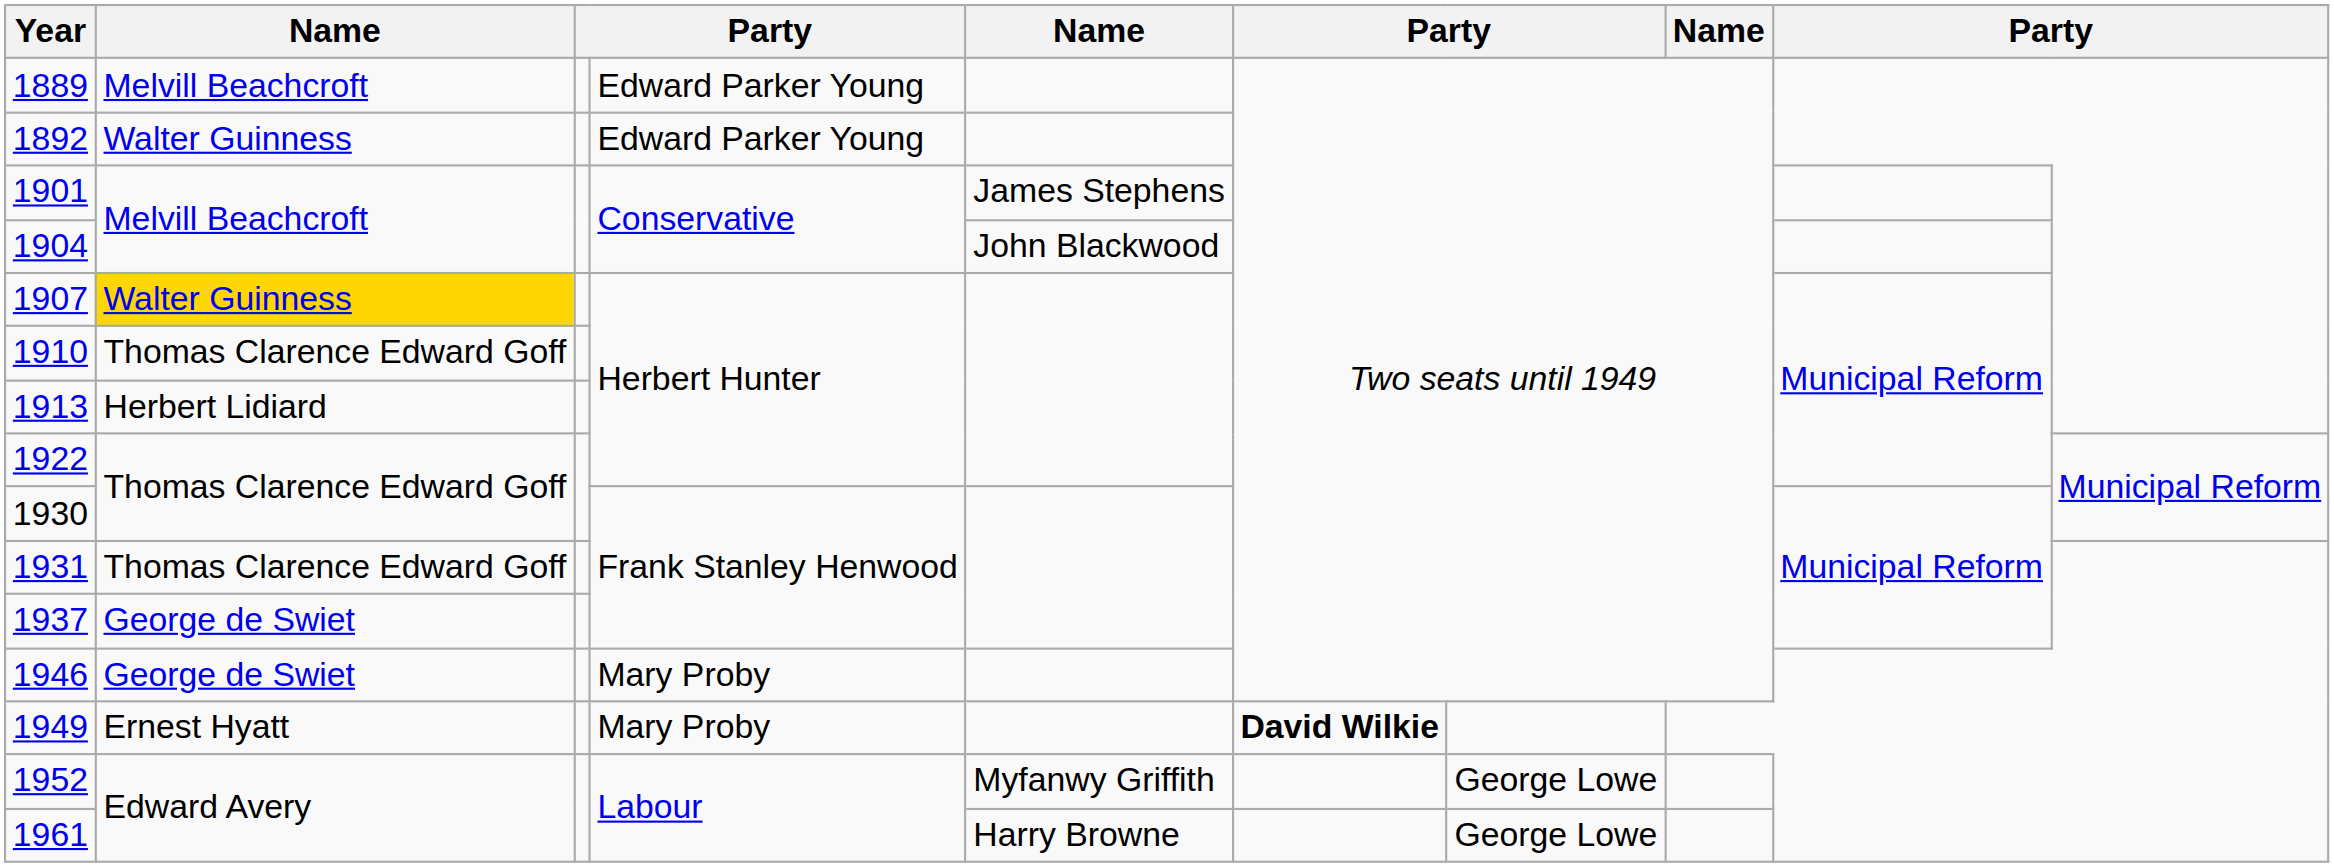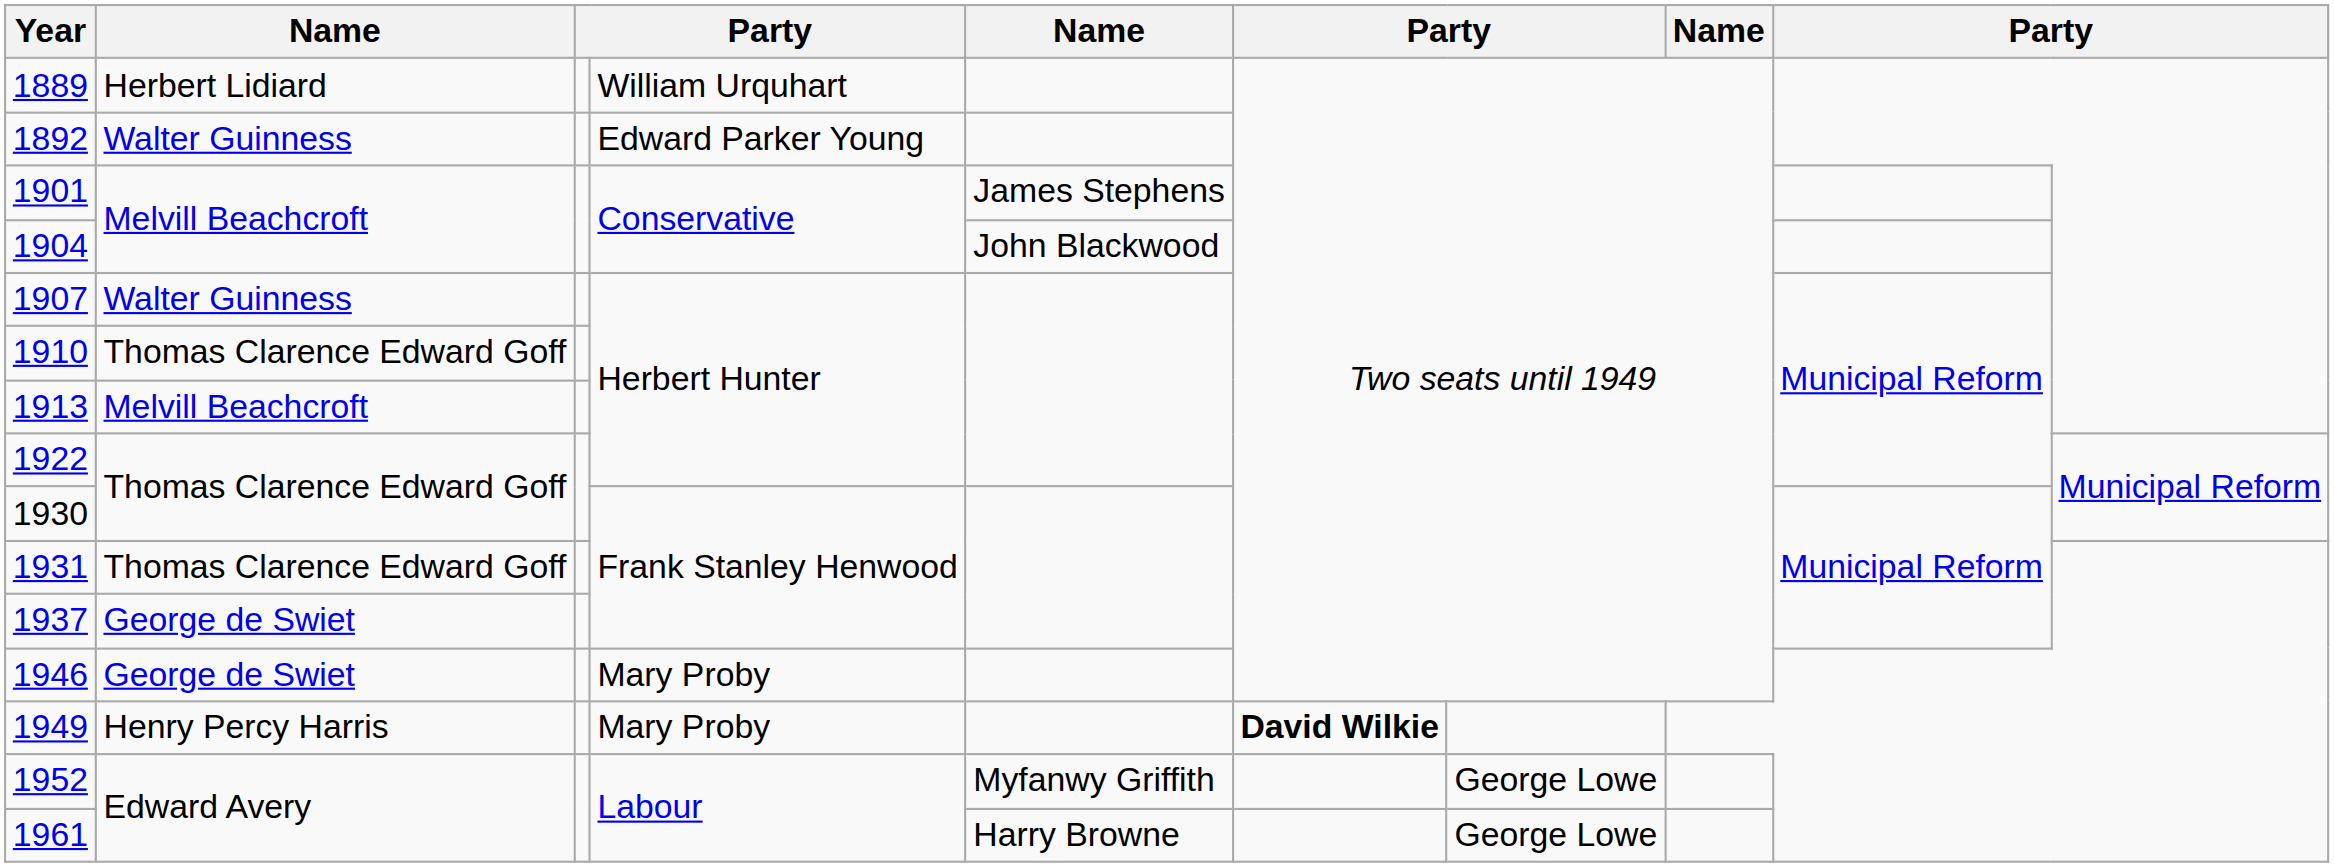 <table class="wikitable">
 <tr>
 <th>Year</th>
 <th>Name</th>
 <th colspan=2>Party</th>
 <th>Name</th>
 <th colspan=2>Party</th>
 <th>Name</th>
 <th colspan=2>Party</th>
 </tr>
 <tr>
 <td><a href='#'>1889</a></td>
-<td><a href='#'>Melvill Beachcroft</a></td>
+<td>Herbert Lidiard</td>
 <td></td>
-<td>Edward Parker Young</td>
+<td>William Urquhart</td>
 <td></td>
 <td rowspan=12 colspan=3 align="center"><em>Two seats until 1949</em></td>
 </tr>
 <tr>
 <td><a href='#'>1892</a></td>
 <td><a href='#'>Walter Guinness</a></td>
 <td></td>
 <td>Edward Parker Young</td>
 <td></td>
 </tr>
 <tr>
 <td><a href='#'>1901</a></td>
 <td rowspan=2><a href='#'>Melvill Beachcroft</a></td>
 <td rowspan=2 style="background-color: "></td>
 <td rowspan=2><a href='#'>Conservative</a></td>
 <td>James Stephens</td>
 <td></td>
 </tr>
 <tr>
 <td><a href='#'>1904</a></td>
 <td>John Blackwood</td>
 <td></td>
 </tr>
 <tr>
 <td><a href='#'>1907</a></td>
-<td style="background: gold;"><a href='#'>Walter Guinness</a></td>
+<td><a href='#'>Walter Guinness</a></td>
 <td></td>
 <td rowspan=4>Herbert Hunter</td>
 <td rowspan=4 style="background-color: "></td>
 <td rowspan=4><a href='#'>Municipal Reform</a></td>
 </tr>
 <tr>
 <td><a href='#'>1910</a></td>
 <td>Thomas Clarence Edward Goff</td>
 <td></td>
 </tr>
 <tr>
 <td><a href='#'>1913</a></td>
-<td>Herbert Lidiard</td>
+<td><a href='#'>Melvill Beachcroft</a></td>
 <td></td>
 </tr>
 <tr>
 <td><a href='#'>1922</a></td>
 <td rowspan=2>Thomas Clarence Edward Goff</td>
 <td rowspan=2 style="background-color: "></td>
 <td rowspan=2><a href='#'>Municipal Reform</a></td>
 </tr>
 <tr>
 <td>1930</td>
 <td rowspan=3>Frank Stanley Henwood</td>
 <td rowspan=3 style="background-color: "></td>
 <td rowspan=3><a href='#'>Municipal Reform</a></td>
 </tr>
 <tr>
 <td><a href='#'>1931</a></td>
 <td>Thomas Clarence Edward Goff</td>
 <td></td>
 </tr>
 <tr>
 <td><a href='#'>1937</a></td>
 <td><a href='#'>George de Swiet</a></td>
 <td></td>
 </tr>
 <tr>
 <td><a href='#'>1946</a></td>
 <td><a href='#'>George de Swiet</a></td>
 <td></td>
 <td>Mary Proby</td>
 <td></td>
 </tr>
 <tr>
 <td><a href='#'>1949</a></td>
-<td>Ernest Hyatt</td>
+<td>Henry Percy Harris</td>
 <td></td>
 <td>Mary Proby</td>
 <td></td>
 <td><strong>David Wilkie</strong></td>
 <td></td>
 </tr>
 <tr>
 <td><a href='#'>1952</a></td>
 <td rowspan=2>Edward Avery</td>
 <td rowspan=2 style="background-color: "></td>
 <td rowspan=2><a href='#'>Labour</a></td>
 <td>Myfanwy Griffith</td>
 <td></td>
 <td>George Lowe</td>
 <td></td>
 </tr>
 <tr>
 <td><a href='#'>1961</a></td>
 <td>Harry Browne</td>
 <td></td>
 <td>George Lowe</td>
 <td></td>
 </tr>
 </table>
